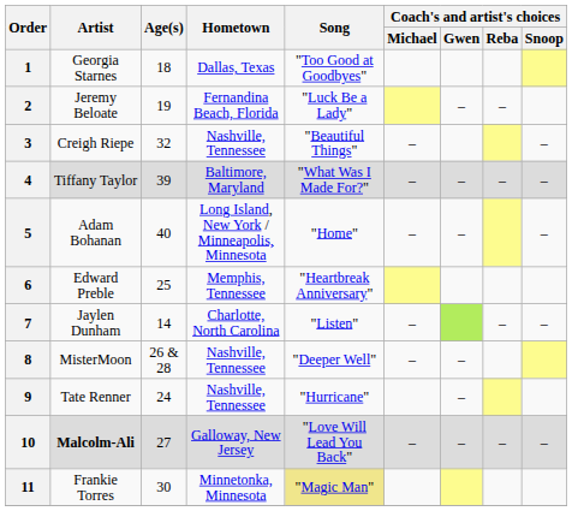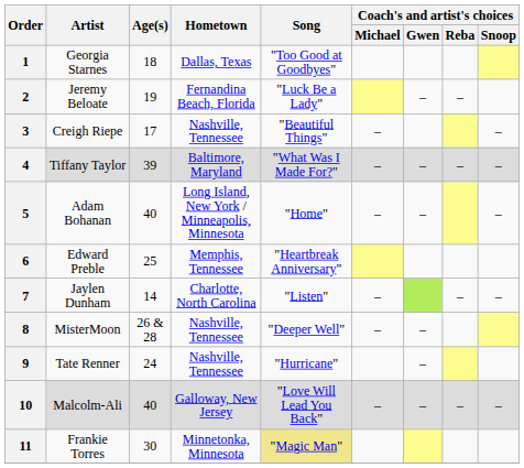 <table class="wikitable" style="text-align:center; line-height:17px; width:100%">
 <tr>
 <th scope="col" rowspan="2" style="width:04%">Order</th>
 <th scope="col" rowspan="2" style="width:18%">Artist</th>
 <th scope="col" rowspan="2" style="width:05%">Age(s)</th>
 <th scope="col" rowspan="2" style="width:20%">Hometown</th>
 <th scope="col" rowspan="2" style="width:20%">Song</th>
 <th scope="col" colspan="4" style="width:24%">Coach's and artist's choices</th>
 </tr>
 <tr>
 <th style="width:06%">Michael</th>
 <th style="width:06%">Gwen</th>
 <th style="width:06%">Reba</th>
 <th style="width:06%">Snoop</th>
 </tr>
 <tr>
 <th>1</th>
 <td>Georgia Starnes</td>
 <td>18</td>
 <td><a href='#'>Dallas, Texas</a></td>
 <td>"<a href='#'>Too Good at Goodbyes</a>"</td>
 <td><em></em></td>
 <td><em></em></td>
 <td><em></em></td>
 <td style="background:#fdfc8f"><em></em></td>
 </tr>
 <tr>
 <th>2</th>
 <td>Jeremy Beloate</td>
 <td>19</td>
 <td><a href='#'>Fernandina Beach, Florida</a></td>
 <td>"<a href='#'>Luck Be a Lady</a>"</td>
 <td style="background:#fdfc8f"><em></em></td>
 <td>–</td>
 <td>–</td>
 <td><em></em></td>
 </tr>
 <tr>
 <th>3</th>
 <td>Creigh Riepe</td>
-<td>32</td>
+<td>17</td>
 <td><a href='#'>Nashville, Tennessee</a></td>
 <td>"<a href='#'>Beautiful Things</a>"</td>
 <td>–</td>
 <td><em></em></td>
 <td style="background:#fdfc8f"><em></em></td>
 <td>–</td>
 </tr>
 <tr bgcolor=#DCDCDC>
 <th>4</th>
 <td>Tiffany Taylor</td>
 <td>39</td>
 <td><a href='#'>Baltimore, Maryland</a></td>
 <td>"<a href='#'>What Was I Made For?</a>"</td>
 <td>–</td>
 <td>–</td>
 <td>–</td>
 <td>–</td>
 </tr>
 <tr>
 <th>5</th>
 <td>Adam Bohanan</td>
 <td>40</td>
 <td><a href='#'>Long Island</a>, <a href='#'>New York</a> / <a href='#'>Minneapolis, Minnesota</a></td>
 <td>"<a href='#'>Home</a>"</td>
 <td>–</td>
 <td>–</td>
 <td style="background:#fdfc8f"><em></em></td>
 <td>–</td>
 </tr>
 <tr>
 <th>6</th>
 <td>Edward Preble</td>
 <td>25</td>
 <td><a href='#'>Memphis, Tennessee</a></td>
 <td>"<a href='#'>Heartbreak Anniversary</a>"</td>
 <td style="background:#fdfc8f"><em></em></td>
 <td><em></em></td>
 <td><em></em></td>
 <td><em></em></td>
 </tr>
 <tr>
 <th>7</th>
 <td>Jaylen Dunham</td>
 <td>14</td>
 <td><a href='#'>Charlotte, North Carolina</a></td>
 <td>"<a href='#'>Listen</a>"</td>
 <td>–</td>
 <td style="background:#B2EC5D"><em></em></td>
 <td>–</td>
 <td>–</td>
 </tr>
 <tr>
 <th>8</th>
 <td>MisterMoon<br></td>
 <td>26 & 28</td>
 <td><a href='#'>Nashville, Tennessee</a></td>
 <td>"<a href='#'>Deeper Well</a>"</td>
 <td>–</td>
 <td>–</td>
 <td><em></em></td>
 <td style="background:#fdfc8f"><em></em></td>
 </tr>
 <tr>
 <th>9</th>
 <td>Tate Renner</td>
 <td>24</td>
 <td><a href='#'>Nashville, Tennessee</a></td>
 <td>"<a href='#'>Hurricane</a>"</td>
 <td><em></em></td>
 <td>–</td>
 <td style="background:#fdfc8f"><em></em></td>
 <td><em></em></td>
 </tr>
 <tr bgcolor=#DCDCDC>
 <th>10</th>
-<td><strong>Malcolm-Ali</strong></td>
-<td>27</td>
+<td>Malcolm-Ali</td>
+<td>40</td>
 <td><a href='#'>Galloway, New Jersey</a></td>
 <td>"<a href='#'>Love Will Lead You Back</a>"</td>
 <td>–</td>
 <td>–</td>
 <td>–</td>
 <td>–</td>
 </tr>
 <tr>
 <th>11</th>
 <td>Frankie Torres</td>
 <td>30</td>
 <td><a href='#'>Minnetonka, Minnesota</a></td>
 <td style="background: khaki;">"<a href='#'>Magic Man</a>"</td>
 <td><em></em></td>
 <td style="background:#fdfc8f"><em></em></td>
 <td><em></em></td>
 <td><em></em></td>
 </tr>
 <tr>
 </tr>
 </table>
